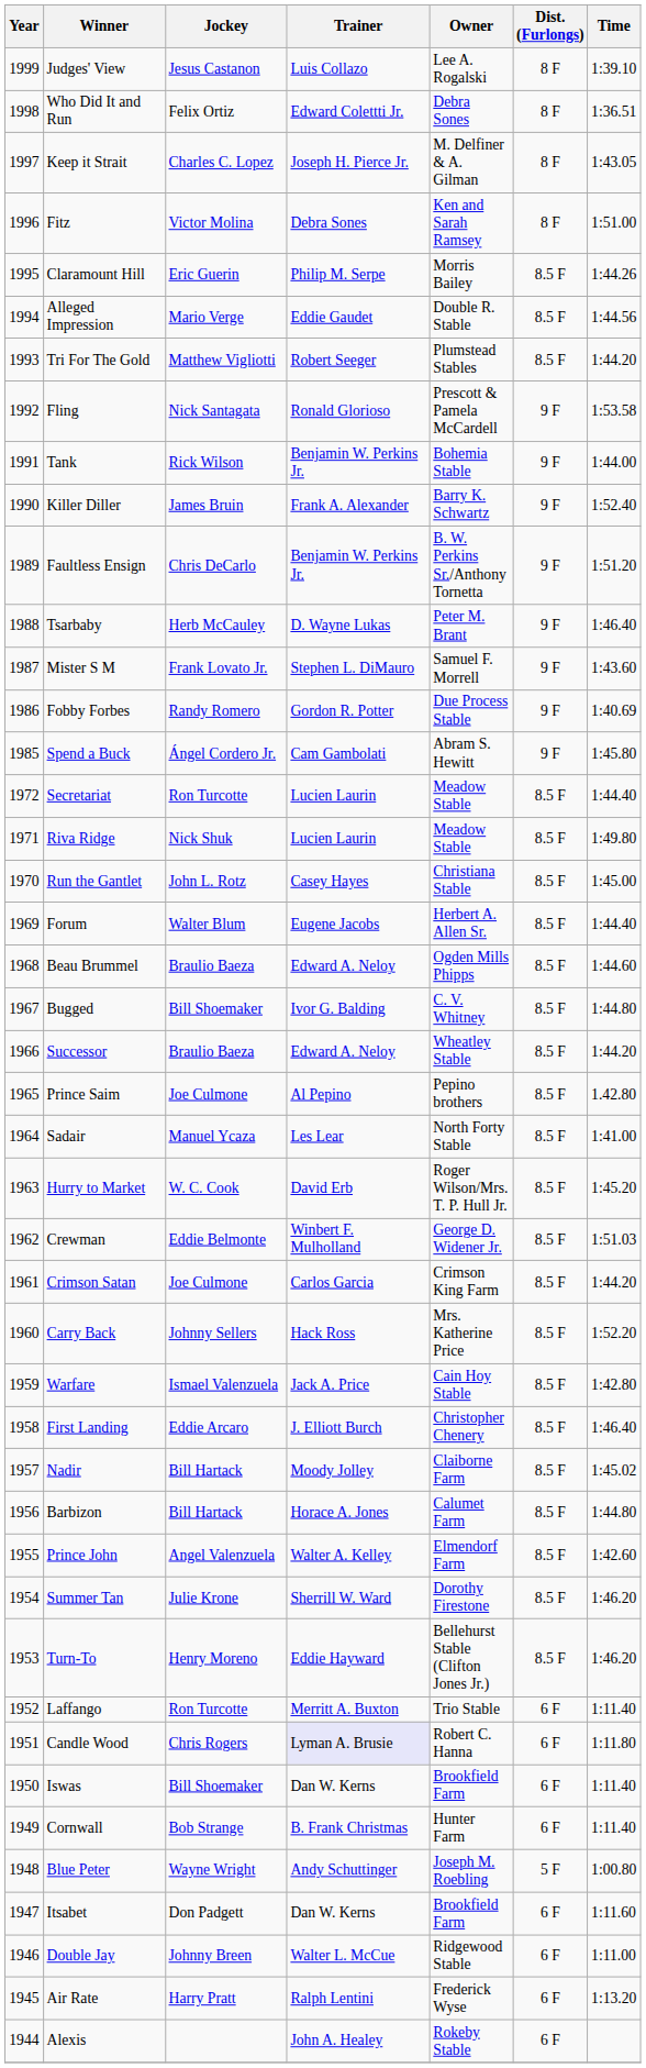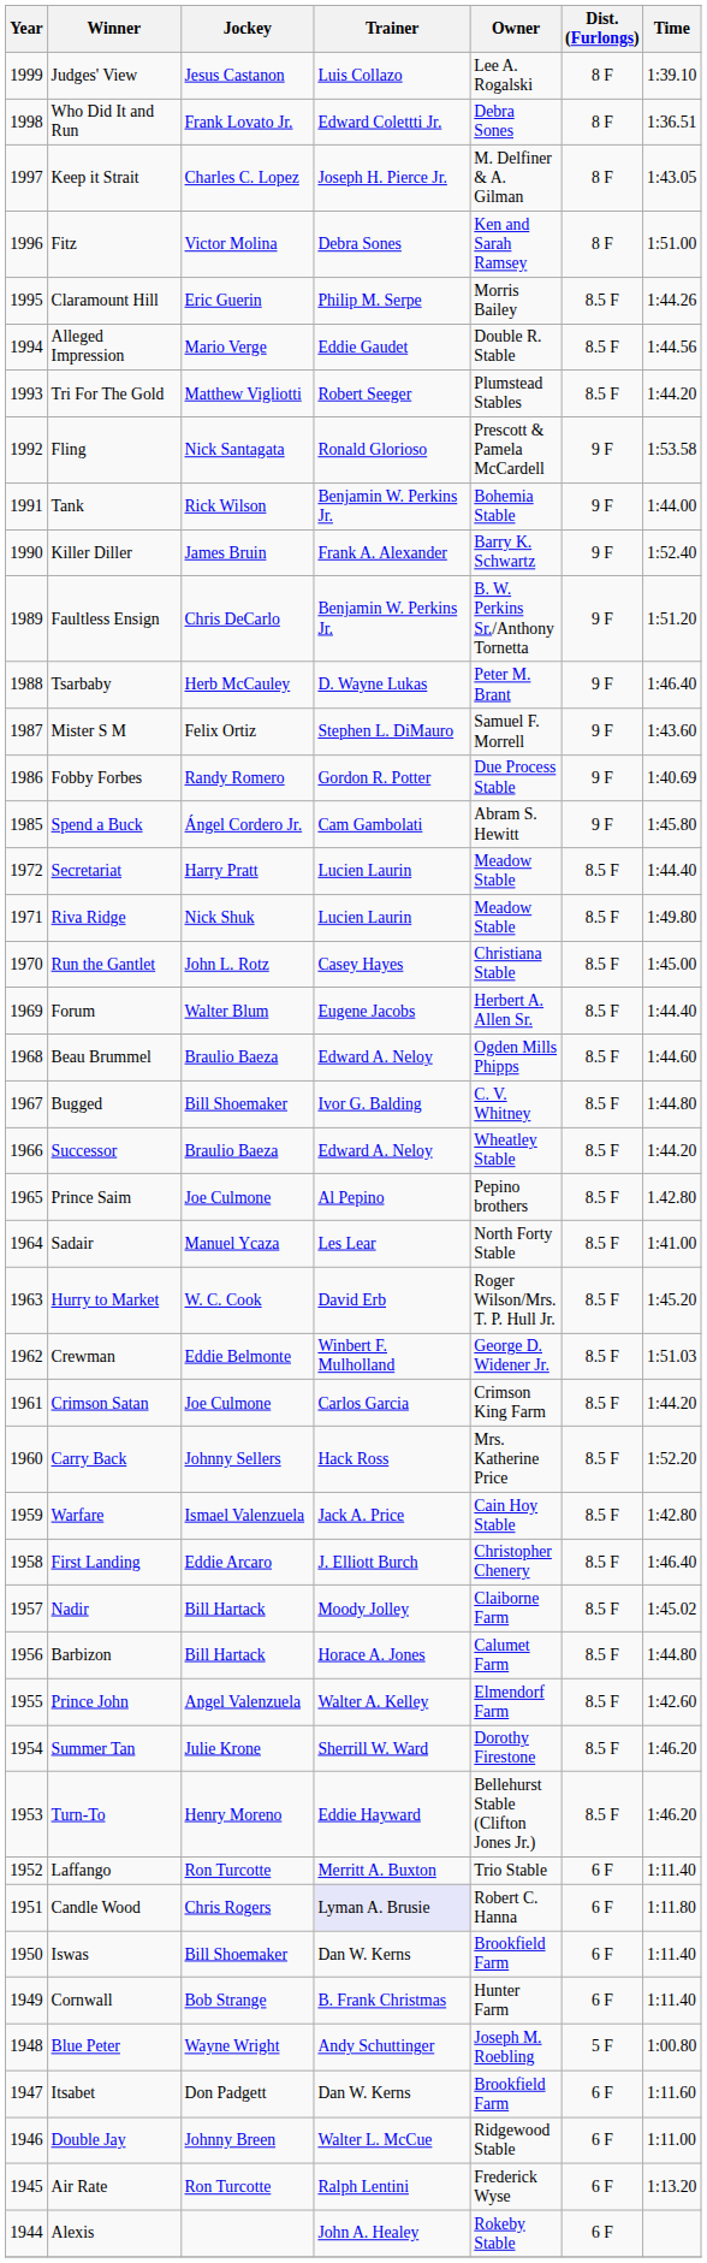 <table class="wikitable sortable" style="font-size:90%">
 <tr>
 <th style="width:30px">Year<br></th>
 <th style="width:110px">Winner<br></th>
 <th style="width:110px">Jockey<br></th>
 <th style="width:130px">Trainer<br></th>
 <th>Owner<br></th>
 <th style="width:25px">Dist.<br> <span>(<a href='#'>Furlongs</a>)</span></th>
 <th style="width:25px">Time<br></th>
 </tr>
 <tr>
 <td align=center>1999</td>
 <td>Judges' View</td>
 <td><a href='#'>Jesus Castanon</a></td>
 <td><a href='#'>Luis Collazo</a></td>
 <td>Lee A. Rogalski</td>
 <td align=center>8 F</td>
 <td>1:39.10</td>
 </tr>
 <tr>
 <td align=center>1998</td>
 <td>Who Did It and Run</td>
-<td>Felix Ortiz</td>
+<td><a href='#'>Frank Lovato Jr.</a></td>
 <td><a href='#'>Edward Colettti Jr.</a></td>
 <td><a href='#'>Debra Sones</a></td>
 <td align=center>8 F</td>
 <td>1:36.51</td>
 </tr>
 <tr>
 <td align=center>1997</td>
 <td>Keep it Strait</td>
 <td><a href='#'>Charles C. Lopez</a></td>
 <td><a href='#'>Joseph H. Pierce Jr.</a></td>
 <td>M. Delfiner & A. Gilman</td>
 <td align=center>8 F</td>
 <td>1:43.05</td>
 </tr>
 <tr>
 <td align=center>1996</td>
 <td>Fitz</td>
 <td><a href='#'>Victor Molina</a></td>
 <td><a href='#'>Debra Sones</a></td>
 <td><a href='#'>Ken and Sarah Ramsey</a></td>
 <td align=center>8 F</td>
 <td>1:51.00</td>
 </tr>
 <tr>
 <td align=center>1995</td>
 <td>Claramount Hill</td>
 <td><a href='#'>Eric Guerin</a></td>
 <td><a href='#'>Philip M. Serpe</a></td>
 <td>Morris Bailey</td>
 <td align=center>8.5 F</td>
 <td>1:44.26</td>
 </tr>
 <tr>
 <td align=center>1994</td>
 <td>Alleged Impression</td>
 <td><a href='#'>Mario Verge</a></td>
 <td><a href='#'>Eddie Gaudet</a></td>
 <td>Double R. Stable</td>
 <td align=center>8.5 F</td>
 <td>1:44.56</td>
 </tr>
 <tr>
 <td align=center>1993</td>
 <td>Tri For The Gold</td>
 <td><a href='#'>Matthew Vigliotti</a></td>
 <td><a href='#'>Robert Seeger</a></td>
 <td>Plumstead Stables</td>
 <td align=center>8.5 F</td>
 <td>1:44.20</td>
 </tr>
 <tr>
 <td align=center>1992</td>
 <td>Fling</td>
 <td><a href='#'>Nick Santagata</a></td>
 <td><a href='#'>Ronald Glorioso</a></td>
 <td>Prescott & Pamela McCardell</td>
 <td align=center>9 F</td>
 <td>1:53.58</td>
 </tr>
 <tr>
 <td align=center>1991</td>
 <td>Tank</td>
 <td><a href='#'>Rick Wilson</a></td>
 <td><a href='#'>Benjamin W. Perkins Jr.</a></td>
 <td><a href='#'>Bohemia Stable</a></td>
 <td align=center>9 F</td>
 <td>1:44.00</td>
 </tr>
 <tr>
 <td align=center>1990</td>
 <td>Killer Diller</td>
 <td><a href='#'>James Bruin</a></td>
 <td><a href='#'>Frank A. Alexander</a></td>
 <td><a href='#'>Barry K. Schwartz</a></td>
 <td align=center>9 F</td>
 <td>1:52.40</td>
 </tr>
 <tr>
 <td align=center>1989</td>
 <td>Faultless Ensign</td>
 <td><a href='#'>Chris DeCarlo</a></td>
 <td><a href='#'>Benjamin W. Perkins Jr.</a></td>
 <td><a href='#'>B. W. Perkins Sr.</a>/Anthony Tornetta</td>
 <td align=center>9 F</td>
 <td>1:51.20</td>
 </tr>
 <tr>
 <td align=center>1988</td>
 <td>Tsarbaby</td>
 <td><a href='#'>Herb McCauley</a></td>
 <td><a href='#'>D. Wayne Lukas</a></td>
 <td><a href='#'>Peter M. Brant</a></td>
 <td align=center>9 F</td>
 <td>1:46.40</td>
 </tr>
 <tr>
 <td align=center>1987</td>
 <td>Mister S M</td>
-<td><a href='#'>Frank Lovato Jr.</a></td>
+<td>Felix Ortiz</td>
 <td><a href='#'>Stephen L. DiMauro</a></td>
 <td>Samuel F. Morrell</td>
 <td align=center>9 F</td>
 <td>1:43.60</td>
 </tr>
 <tr>
 <td align=center>1986</td>
 <td>Fobby Forbes</td>
 <td><a href='#'>Randy Romero</a></td>
 <td><a href='#'>Gordon R. Potter</a></td>
 <td><a href='#'>Due Process Stable</a></td>
 <td align=center>9 F</td>
 <td>1:40.69</td>
 </tr>
 <tr>
 <td align=center>1985</td>
 <td><a href='#'>Spend a Buck</a></td>
 <td><a href='#'>Ángel Cordero Jr.</a></td>
 <td><a href='#'>Cam Gambolati</a></td>
 <td>Abram S. Hewitt</td>
 <td align=center>9 F</td>
 <td>1:45.80</td>
 </tr>
 <tr>
 <td align=center>1972</td>
 <td><a href='#'>Secretariat</a></td>
-<td><a href='#'>Ron Turcotte</a></td>
+<td><a href='#'>Harry Pratt</a></td>
 <td><a href='#'>Lucien Laurin</a></td>
 <td><a href='#'>Meadow Stable</a></td>
 <td align=center>8.5 F</td>
 <td>1:44.40</td>
 </tr>
 <tr>
 <td align=center>1971</td>
 <td><a href='#'>Riva Ridge</a></td>
 <td><a href='#'>Nick Shuk</a></td>
 <td><a href='#'>Lucien Laurin</a></td>
 <td><a href='#'>Meadow Stable</a></td>
 <td align=center>8.5 F</td>
 <td>1:49.80</td>
 </tr>
 <tr>
 <td align=center>1970</td>
 <td><a href='#'>Run the Gantlet</a></td>
 <td><a href='#'>John L. Rotz</a></td>
 <td><a href='#'>Casey Hayes</a></td>
 <td><a href='#'>Christiana Stable</a></td>
 <td align=center>8.5 F</td>
 <td>1:45.00</td>
 </tr>
 <tr>
 <td align=center>1969</td>
 <td>Forum</td>
 <td><a href='#'>Walter Blum</a></td>
 <td><a href='#'>Eugene Jacobs</a></td>
 <td><a href='#'>Herbert A. Allen Sr.</a></td>
 <td align=center>8.5 F</td>
 <td>1:44.40</td>
 </tr>
 <tr>
 <td align=center>1968</td>
 <td>Beau Brummel</td>
 <td><a href='#'>Braulio Baeza</a></td>
 <td><a href='#'>Edward A. Neloy</a></td>
 <td><a href='#'>Ogden Mills Phipps</a></td>
 <td align=center>8.5 F</td>
 <td>1:44.60</td>
 </tr>
 <tr>
 <td align=center>1967</td>
 <td>Bugged</td>
 <td><a href='#'>Bill Shoemaker</a></td>
 <td><a href='#'>Ivor G. Balding</a></td>
 <td><a href='#'>C. V. Whitney</a></td>
 <td align=center>8.5 F</td>
 <td>1:44.80</td>
 </tr>
 <tr>
 <td align=center>1966</td>
 <td><a href='#'>Successor</a></td>
 <td><a href='#'>Braulio Baeza</a></td>
 <td><a href='#'>Edward A. Neloy</a></td>
 <td><a href='#'>Wheatley Stable</a></td>
 <td align=center>8.5 F</td>
 <td>1:44.20</td>
 </tr>
 <tr>
 <td align=center>1965</td>
 <td>Prince Saim</td>
 <td><a href='#'>Joe Culmone</a></td>
 <td><a href='#'>Al Pepino</a></td>
 <td>Pepino brothers</td>
 <td align=center>8.5 F</td>
 <td>1.42.80</td>
 </tr>
 <tr>
 <td align=center>1964</td>
 <td>Sadair</td>
 <td><a href='#'>Manuel Ycaza</a></td>
 <td><a href='#'>Les Lear</a></td>
 <td>North Forty Stable</td>
 <td align=center>8.5 F</td>
 <td>1:41.00</td>
 </tr>
 <tr>
 <td align=center>1963</td>
 <td><a href='#'>Hurry to Market</a></td>
 <td><a href='#'>W. C. Cook</a></td>
 <td><a href='#'>David Erb</a></td>
 <td>Roger Wilson/Mrs. T. P. Hull Jr.</td>
 <td align=center>8.5 F</td>
 <td>1:45.20</td>
 </tr>
 <tr>
 <td align=center>1962</td>
 <td>Crewman</td>
 <td><a href='#'>Eddie Belmonte</a></td>
 <td><a href='#'>Winbert F. Mulholland</a></td>
 <td><a href='#'>George D. Widener Jr.</a></td>
 <td align=center>8.5 F</td>
 <td>1:51.03</td>
 </tr>
 <tr>
 <td align=center>1961</td>
 <td><a href='#'>Crimson Satan</a></td>
 <td><a href='#'>Joe Culmone</a></td>
 <td><a href='#'>Carlos Garcia</a></td>
 <td>Crimson King Farm</td>
 <td align=center>8.5 F</td>
 <td>1:44.20</td>
 </tr>
 <tr>
 <td align=center>1960</td>
 <td><a href='#'>Carry Back</a></td>
 <td><a href='#'>Johnny Sellers</a></td>
 <td><a href='#'>Hack Ross</a></td>
 <td>Mrs. Katherine Price</td>
 <td align=center>8.5 F</td>
 <td>1:52.20</td>
 </tr>
 <tr>
 <td align=center>1959</td>
 <td><a href='#'>Warfare</a></td>
 <td><a href='#'>Ismael Valenzuela</a></td>
 <td><a href='#'>Jack A. Price</a></td>
 <td><a href='#'>Cain Hoy Stable</a></td>
 <td align=center>8.5 F</td>
 <td>1:42.80</td>
 </tr>
 <tr>
 <td align=center>1958</td>
 <td><a href='#'>First Landing</a></td>
 <td><a href='#'>Eddie Arcaro</a></td>
 <td><a href='#'>J. Elliott Burch</a></td>
 <td><a href='#'>Christopher Chenery</a></td>
 <td align=center>8.5 F</td>
 <td>1:46.40</td>
 </tr>
 <tr>
 <td align=center>1957</td>
 <td><a href='#'>Nadir</a></td>
 <td><a href='#'>Bill Hartack</a></td>
 <td><a href='#'>Moody Jolley</a></td>
 <td><a href='#'>Claiborne Farm</a></td>
 <td align=center>8.5 F</td>
 <td>1:45.02</td>
 </tr>
 <tr>
 <td align=center>1956</td>
 <td>Barbizon</td>
 <td><a href='#'>Bill Hartack</a></td>
 <td><a href='#'>Horace A. Jones</a></td>
 <td><a href='#'>Calumet Farm</a></td>
 <td align=center>8.5 F</td>
 <td>1:44.80</td>
 </tr>
 <tr>
 <td align=center>1955</td>
 <td><a href='#'>Prince John</a></td>
 <td><a href='#'>Angel Valenzuela</a></td>
 <td><a href='#'>Walter A. Kelley</a></td>
 <td><a href='#'>Elmendorf Farm</a></td>
 <td align=center>8.5 F</td>
 <td>1:42.60</td>
 </tr>
 <tr>
 <td align=center>1954</td>
 <td><a href='#'>Summer Tan</a></td>
 <td><a href='#'>Julie Krone</a></td>
 <td><a href='#'>Sherrill W. Ward</a></td>
 <td><a href='#'>Dorothy Firestone</a></td>
 <td align=center>8.5 F</td>
 <td>1:46.20</td>
 </tr>
 <tr>
 <td align=center>1953</td>
 <td><a href='#'>Turn-To</a></td>
 <td><a href='#'>Henry Moreno</a></td>
 <td><a href='#'>Eddie Hayward</a></td>
 <td>Bellehurst Stable (Clifton Jones Jr.)</td>
 <td align=center>8.5 F</td>
 <td>1:46.20</td>
 </tr>
 <tr>
 <td align=center>1952</td>
 <td>Laffango</td>
 <td><a href='#'>Ron Turcotte</a></td>
 <td><a href='#'>Merritt A. Buxton</a></td>
 <td>Trio Stable</td>
 <td align=center>6 F</td>
 <td>1:11.40</td>
 </tr>
 <tr>
 <td align=center>1951</td>
 <td>Candle Wood</td>
 <td><a href='#'>Chris Rogers</a></td>
 <td style="background: lavender;">Lyman A. Brusie</td>
 <td>Robert C. Hanna</td>
 <td align=center>6 F</td>
 <td>1:11.80</td>
 </tr>
 <tr>
 <td align=center>1950</td>
 <td>Iswas</td>
 <td><a href='#'>Bill Shoemaker</a></td>
 <td>Dan W. Kerns</td>
 <td><a href='#'>Brookfield Farm</a></td>
 <td align=center>6 F</td>
 <td>1:11.40</td>
 </tr>
 <tr>
 <td align=center>1949</td>
 <td>Cornwall</td>
 <td><a href='#'>Bob Strange</a></td>
 <td><a href='#'>B. Frank Christmas</a></td>
 <td>Hunter Farm</td>
 <td align=center>6 F</td>
 <td>1:11.40</td>
 </tr>
 <tr>
 <td align=center>1948</td>
 <td><a href='#'>Blue Peter</a></td>
 <td><a href='#'>Wayne Wright</a></td>
 <td><a href='#'>Andy Schuttinger</a></td>
 <td><a href='#'>Joseph M. Roebling</a></td>
 <td align=center>5 F</td>
 <td>1:00.80</td>
 </tr>
 <tr>
 <td align=center>1947</td>
 <td>Itsabet</td>
 <td>Don Padgett</td>
 <td>Dan W. Kerns</td>
 <td><a href='#'>Brookfield Farm</a></td>
 <td align=center>6 F</td>
 <td>1:11.60</td>
 </tr>
 <tr>
 <td align=center>1946</td>
 <td><a href='#'>Double Jay</a></td>
 <td><a href='#'>Johnny Breen</a></td>
 <td><a href='#'>Walter L. McCue</a></td>
 <td>Ridgewood Stable</td>
 <td align=center>6 F</td>
 <td>1:11.00</td>
 </tr>
 <tr>
 <td align=center>1945</td>
 <td>Air Rate</td>
-<td><a href='#'>Harry Pratt</a></td>
+<td><a href='#'>Ron Turcotte</a></td>
 <td><a href='#'>Ralph Lentini</a></td>
 <td>Frederick Wyse</td>
 <td align=center>6 F</td>
 <td>1:13.20</td>
 </tr>
 <tr>
 <td align=center>1944</td>
 <td>Alexis</td>
 <td></td>
 <td><a href='#'>John A. Healey</a></td>
 <td><a href='#'>Rokeby Stable</a></td>
 <td align=center>6 F</td>
 <td></td>
 </tr>
 <tr>
 </tr>
 </table>
